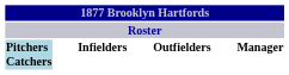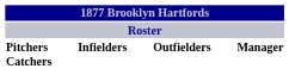 <table class="toccolours" style="font-size: 95%;">
 <tr>
 <th colspan="10" style="background-color: #00008B; color: #C4C3D0; text-align: center;">1877 Brooklyn Hartfords</th>
 </tr>
 <tr>
 <td colspan="10" style="background-color: #C4C3D0; color: #00008B; text-align: center;"><strong>Roster</strong></td>
 </tr>
 <tr>
-<td valign="top" style="background: lightblue;"><strong>Pitchers</strong><br> <strong>Catchers</strong>  </td>
+<td valign="top"><strong>Pitchers</strong><br> <strong>Catchers</strong>  </td>
 <td width="25px"></td>
 <td valign="top"><strong>Infielders</strong><br>   </td>
 <td width="25px"></td>
 <td valign="top"><strong>Outfielders</strong><br>       </td>
 <td width="25px"></td>
 <td valign="top"><strong>Manager</strong><br></td>
 </tr>
 </table>
